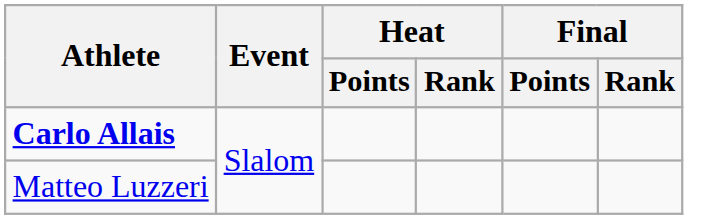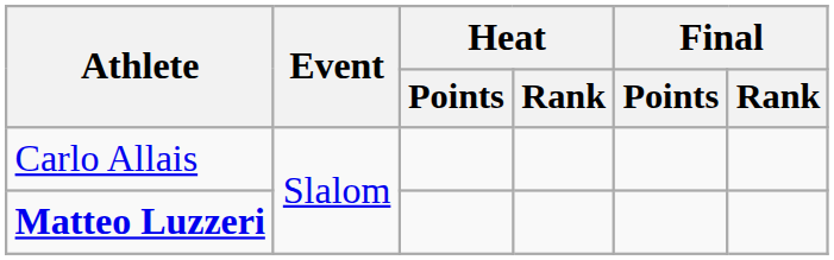 <table class=wikitable style="font-size:90%">
 <tr>
 <th rowspan="2">Athlete</th>
 <th rowspan="2">Event</th>
 <th colspan="2">Heat</th>
 <th colspan="2">Final</th>
 </tr>
 <tr style="font-size:95%">
 <th>Points</th>
 <th>Rank</th>
 <th>Points</th>
 <th>Rank</th>
 </tr>
 <tr align=center>
-<td align=left><strong><a href='#'>Carlo Allais</a></strong></td>
+<td align=left><a href='#'>Carlo Allais</a></td>
 <td align=left rowspan=2><a href='#'>Slalom</a></td>
 <td></td>
 <td></td>
 <td></td>
 <td></td>
 </tr>
 <tr align=center>
-<td align=left><a href='#'>Matteo Luzzeri</a></td>
+<td align=left><strong><a href='#'>Matteo Luzzeri</a></strong></td>
 <td></td>
 <td></td>
 <td></td>
 <td></td>
 </tr>
 </table>
